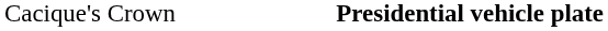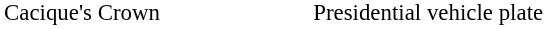 <table border="0" class="center" style="margin:1em auto; width:55%; table-layout:fixed">
 <tr style="text-align:center;">
 <td></td>
 <td></td>
 </tr>
 <tr style="text-align:center;">
 <td>Cacique's Crown</td>
-<td><strong>Presidential vehicle plate</strong></td>
+<td>Presidential vehicle plate</td>
 </tr>
 </table>
